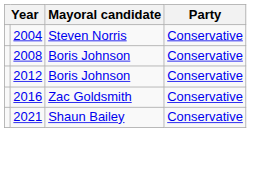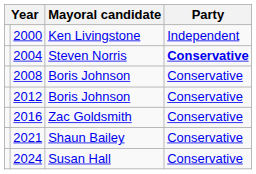 <table class="wikitable">
 <tr>
 <th colspan="2">Year</th>
 <th>Mayoral candidate</th>
 <th>Party</th>
 </tr>
 <tr>
 <td style="background-color: "></td>
+<td><a href='#'>2000</a></td>
+<td><a href='#'>Ken Livingstone</a></td>
+<td><a href='#'>Independent</a></td>
+</tr>
+<tr>
+<td style="background-color: "></td>
 <td><a href='#'>2004</a></td>
 <td><a href='#'>Steven Norris</a></td>
-<td><a href='#'>Conservative</a></td>
+<td><strong><a href='#'>Conservative</a></strong></td>
 </tr>
 <tr>
 <td style="background-color: "></td>
 <td><a href='#'>2008</a></td>
 <td><a href='#'>Boris Johnson</a></td>
 <td><a href='#'>Conservative</a></td>
 </tr>
 <tr>
 <td style="background-color: "></td>
 <td><a href='#'>2012</a></td>
 <td><a href='#'>Boris Johnson</a></td>
 <td><a href='#'>Conservative</a></td>
 </tr>
 <tr>
 <td style="background-color: "></td>
 <td><a href='#'>2016</a></td>
 <td><a href='#'>Zac Goldsmith</a></td>
 <td><a href='#'>Conservative</a></td>
 </tr>
 <tr>
 <td style="background-color: "></td>
 <td><a href='#'>2021</a></td>
 <td><a href='#'>Shaun Bailey</a></td>
 <td><a href='#'>Conservative</a></td>
 </tr>
+<tr>
+<td style="background-color: "></td>
+<td><a href='#'>2024</a></td>
+<td><a href='#'>Susan Hall</a></td>
+<td><a href='#'>Conservative</a></td>
+</tr>
 </table>
